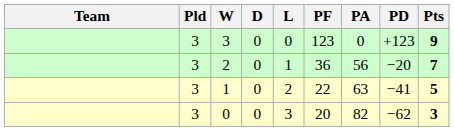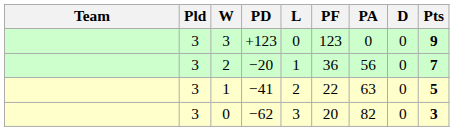 <table class="wikitable" style="text-align:center;">
 <tr>
 <th width=175>Team</th>
 <th width=25 abbr="Played">Pld</th>
 <th width=25 abbr="Won">W</th>
-<th width=25 abbr="Drawn">D</th>
+<th width=32 abbr="Points difference">PD</th>
 <th width=25 abbr="Lost">L</th>
 <th width=32 abbr="Points for">PF</th>
 <th width=32 abbr="Points against">PA</th>
-<th width=32 abbr="Points difference">PD</th>
+<th width=25 abbr="Drawn">D</th>
 <th width=25 abbr="Points">Pts</th>
 </tr>
 <tr bgcolor=ccffcc>
 <td align=left></td>
 <td>3</td>
 <td>3</td>
-<td>0</td>
+<td>+123</td>
 <td>0</td>
 <td>123</td>
 <td>0</td>
-<td>+123</td>
+<td>0</td>
 <td><strong>9</strong></td>
 </tr>
 <tr bgcolor=ccffcc>
 <td align=left></td>
 <td>3</td>
 <td>2</td>
-<td>0</td>
+<td>−20</td>
 <td>1</td>
 <td>36</td>
 <td>56</td>
-<td>−20</td>
+<td>0</td>
 <td><strong>7</strong></td>
 </tr>
 <tr bgcolor=ffffcc>
 <td align=left></td>
 <td>3</td>
 <td>1</td>
-<td>0</td>
+<td>−41</td>
 <td>2</td>
 <td>22</td>
 <td>63</td>
-<td>−41</td>
+<td>0</td>
 <td><strong>5</strong></td>
 </tr>
 <tr bgcolor=ffffcc>
 <td align=left></td>
 <td>3</td>
 <td>0</td>
-<td>0</td>
+<td>−62</td>
 <td>3</td>
 <td>20</td>
 <td>82</td>
-<td>−62</td>
+<td>0</td>
 <td><strong>3</strong></td>
 </tr>
 </table>
